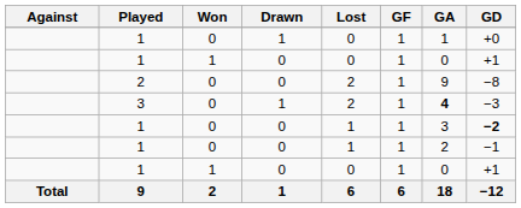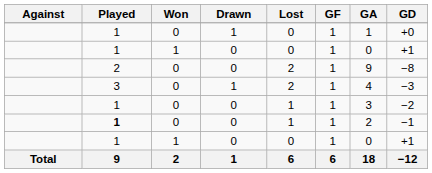 <table class="sortable wikitable" style="width:60%; font-size:90%; text-align:center;">
 <tr>
 <th>Against</th>
 <th>Played</th>
 <th>Won</th>
 <th>Drawn</th>
 <th>Lost</th>
 <th>GF</th>
 <th>GA</th>
 <th>GD</th>
 </tr>
 <tr bgcolor="#d0ffd0" align="center">
 </tr>
 <tr>
 <td align=left></td>
 <td>1</td>
 <td>0</td>
 <td>1</td>
 <td>0</td>
 <td>1</td>
 <td>1</td>
 <td>+0</td>
 </tr>
 <tr>
 <td align=left></td>
 <td>1</td>
 <td>1</td>
 <td>0</td>
 <td>0</td>
 <td>1</td>
 <td>0</td>
 <td>+1</td>
 </tr>
 <tr>
 <td align=left></td>
 <td>2</td>
 <td>0</td>
 <td>0</td>
 <td>2</td>
 <td>1</td>
 <td>9</td>
 <td>−8</td>
 </tr>
 <tr>
 <td align=left></td>
 <td>3</td>
 <td>0</td>
 <td>1</td>
 <td>2</td>
 <td>1</td>
-<td><strong>4</strong></td>
+<td>4</td>
 <td>−3</td>
 </tr>
 <tr>
 <td align=left></td>
 <td>1</td>
 <td>0</td>
 <td>0</td>
 <td>1</td>
 <td>1</td>
 <td>3</td>
-<td><strong>−2</strong></td>
+<td>−2</td>
 </tr>
 <tr>
 <td align=left></td>
-<td>1</td>
+<td><strong>1</strong></td>
 <td>0</td>
 <td>0</td>
 <td>1</td>
 <td>1</td>
 <td>2</td>
 <td>−1</td>
 </tr>
 <tr>
 <td align=left></td>
 <td>1</td>
 <td>1</td>
 <td>0</td>
 <td>0</td>
 <td>1</td>
 <td>0</td>
 <td>+1</td>
 </tr>
 <tr class="sortbottom">
 <th>Total</th>
 <th>9</th>
 <th>2</th>
 <th>1</th>
 <th>6</th>
 <th>6</th>
 <th>18</th>
 <th>−12</th>
 </tr>
 </table>
